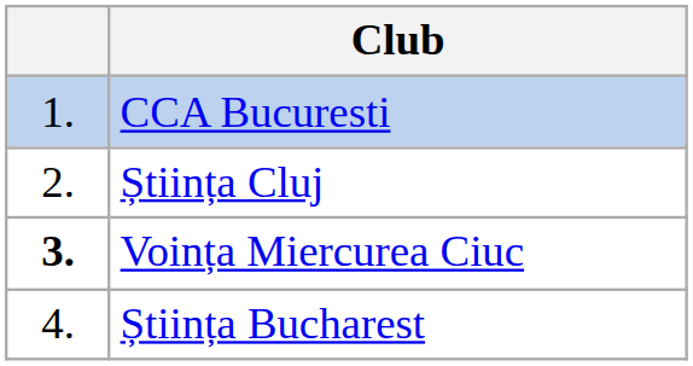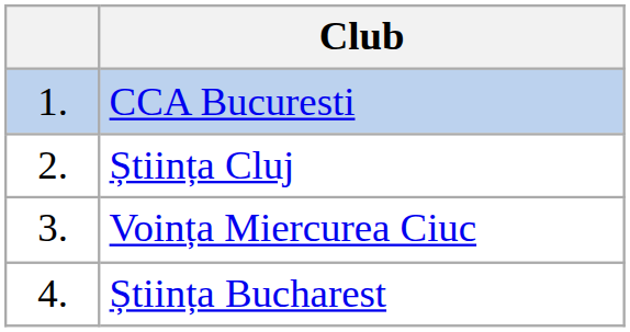 <table class="wikitable">
 <tr>
 <th width="30"></th>
 <th width="200">Club</th>
 </tr>
 <tr bgcolor="#BCD2EE" align="center">
 <td>1.</td>
 <td align="left"><a href='#'>CCA Bucuresti</a></td>
 </tr>
 <tr bgcolor="#FFFFFF" align="center">
 <td>2.</td>
 <td align="left"><a href='#'>Știința Cluj</a></td>
 </tr>
 <tr bgcolor="#FFFFFF" align="center">
-<td><strong>3.</strong></td>
+<td>3.</td>
 <td align="left"><a href='#'>Voința Miercurea Ciuc</a></td>
 </tr>
 <tr bgcolor="#FFFFFF" align="center">
 <td>4.</td>
 <td align="left"><a href='#'>Știința Bucharest</a></td>
 </tr>
 </table>
